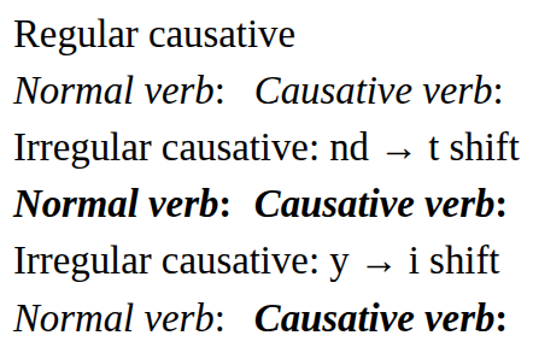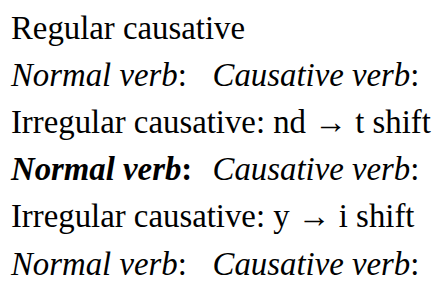 <table bgcolor=white align=top border=1 cellpadding=2 cellspacing=0 style="margin-left:1em; border: solid thin #ffffff; border-collapse: collapse;">
 <tr>
 <td colspan=2>Regular causative</td>
 </tr>
 <tr>
 <td><em>Normal verb</em>: </td>
 <td><em>Causative verb</em>: </td>
 </tr>
 <tr>
 <td colspan=2>Irregular causative: nd → t shift</td>
 </tr>
 <tr>
 <td><strong><em>Normal verb</em>: </strong></td>
-<td><strong><em>Causative verb</em>: </strong></td>
+<td><em>Causative verb</em>: </td>
 </tr>
 <tr>
 <td colspan=2>Irregular causative: y → i shift</td>
 </tr>
 <tr>
 <td><em>Normal verb</em>: </td>
-<td><strong><em>Causative verb</em>: </strong></td>
+<td><em>Causative verb</em>: </td>
 </tr>
 </table>
